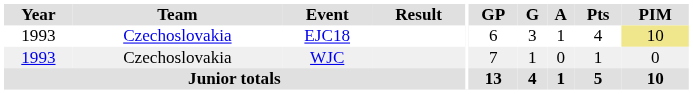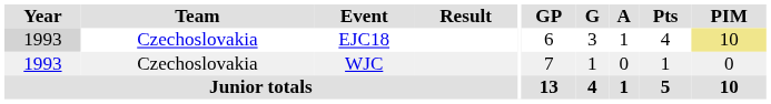 <table border="0" cellpadding="1" cellspacing="0" ID="Table3" style="text-align:center; width:40em">
 <tr ALIGN="center" bgcolor="#e0e0e0">
 <th>Year</th>
 <th>Team</th>
 <th>Event</th>
 <th>Result</th>
 <th rowspan="99" bgcolor="#ffffff"></th>
 <th>GP</th>
 <th>G</th>
 <th>A</th>
 <th>Pts</th>
 <th>PIM</th>
 </tr>
 <tr ALIGN="center">
-<td>1993</td>
+<td style="background: lightgrey;">1993</td>
 <td><a href='#'>Czechoslovakia</a></td>
 <td><a href='#'>EJC18</a></td>
 <td></td>
 <td>6</td>
 <td>3</td>
 <td>1</td>
 <td>4</td>
 <td style="background: khaki;">10</td>
 </tr>
 <tr ALIGN="center" bgcolor="#f0f0f0">
 <td><a href='#'>1993</a></td>
 <td>Czechoslovakia</td>
 <td><a href='#'>WJC</a></td>
 <td></td>
 <td>7</td>
 <td>1</td>
 <td>0</td>
 <td>1</td>
 <td>0</td>
 </tr>
 <tr ALIGN="center" bgcolor="#e0e0e0">
 <td align="center" colspan=4><strong>Junior totals</strong></td>
 <th>13</th>
 <th>4</th>
 <th>1</th>
 <th>5</th>
 <th>10</th>
 </tr>
 </table>
